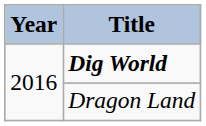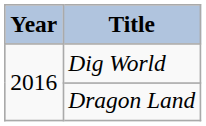 <table class="wikitable" style="font-size:90%;">
 <tr>
 <th style="background:#B0C4DE;">Year</th>
 <th style="background:#B0C4DE;">Title</th>
 </tr>
 <tr>
 <td rowspan="2">2016</td>
-<td><strong><em>Dig World</em></strong></td>
+<td><em>Dig World</em></td>
 </tr>
 <tr>
 <td rowspan="2"><em>Dragon Land</em></td>
 </tr>
 </table>
